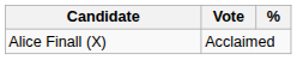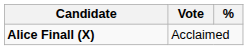 <table class="wikitable">
 <tr>
 <th bgcolor="#DDDDFF" width="200px">Candidate</th>
 <th bgcolor="#DDDDFF" width="50px">Vote</th>
 <th bgcolor="#DDDDFF" width="30px">%</th>
 </tr>
 <tr>
-<td>Alice Finall (X)</td>
+<td><strong>Alice Finall (X)</strong></td>
 <td colspan="2">Acclaimed</td>
 </tr>
 </table>
